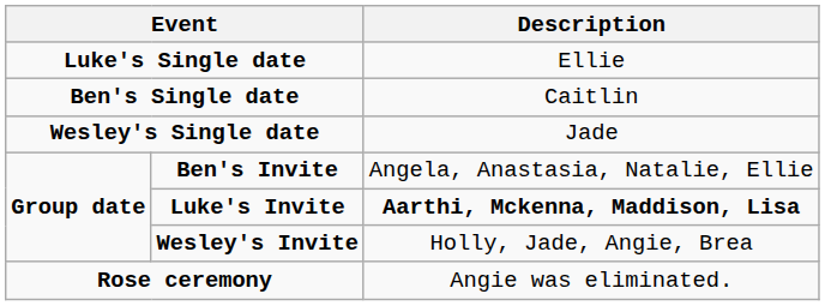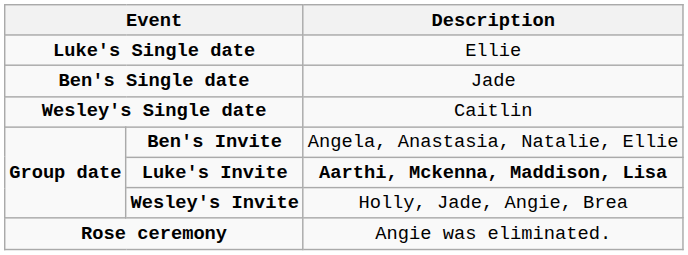 <table class="wikitable sortable" style="text-align:center;">
 <tr>
 <th colspan="2">Event</th>
 <th>Description</th>
 </tr>
 <tr>
 <td colspan="2"><strong>Luke's Single date</strong></td>
 <td>Ellie</td>
 </tr>
 <tr>
 <td colspan="2"><strong>Ben's Single date</strong></td>
-<td>Caitlin</td>
+<td>Jade</td>
 </tr>
 <tr>
 <td colspan="2"><strong>Wesley's Single date</strong></td>
-<td>Jade</td>
+<td>Caitlin</td>
 </tr>
 <tr>
 <td rowspan="3"><strong>Group date</strong></td>
 <td><strong>Ben's Invite</strong></td>
 <td>Angela, Anastasia, Natalie, Ellie</td>
 </tr>
 <tr>
 <td><strong>Luke's Invite</strong></td>
 <td><strong>Aarthi, Mckenna, Maddison, Lisa</strong></td>
 </tr>
 <tr>
 <td><strong>Wesley's Invite</strong></td>
 <td>Holly, Jade, Angie, Brea</td>
 </tr>
 <tr>
 <td colspan="2"><strong>Rose ceremony</strong></td>
 <td>Angie  was eliminated.</td>
 </tr>
 </table>
